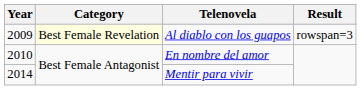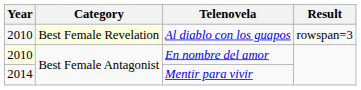 <table class="wikitable">
 <tr style="background:#b0c4de;">
 <th>Year</th>
 <th>Category</th>
 <th>Telenovela</th>
 <th>Result</th>
 </tr>
 <tr>
-<td>2009</td>
+<td>2010</td>
 <td style="background: lightyellow;">Best Female Revelation</td>
 <td><em><a href='#'>Al diablo con los guapos</a></em></td>
 <td>rowspan=3 </td>
 </tr>
 <tr>
-<td>2010</td>
+<td style="background: lightyellow;">2010</td>
 <td rowspan=2>Best Female Antagonist</td>
 <td><em><a href='#'>En nombre del amor</a></em></td>
 </tr>
 <tr>
 <td>2014</td>
 <td><em><a href='#'>Mentir para vivir</a></em></td>
 </tr>
 </table>
